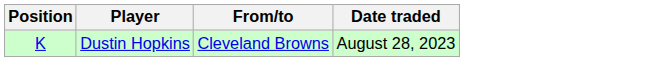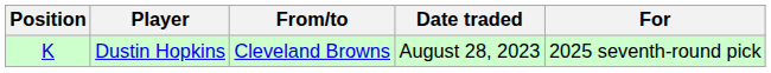 <table class="wikitable" style="text-align:center">
 <tr>
 <th>Position</th>
 <th>Player</th>
 <th>From/to</th>
 <th>Date traded</th>
+<th>For</th>
 </tr>
 <tr style="background:#cfc">
 <td><a href='#'>K</a></td>
 <td><a href='#'>Dustin Hopkins</a></td>
 <td><a href='#'>Cleveland Browns</a></td>
 <td>August 28, 2023</td>
+<td>2025 seventh-round pick</td>
 </tr>
 </table>
